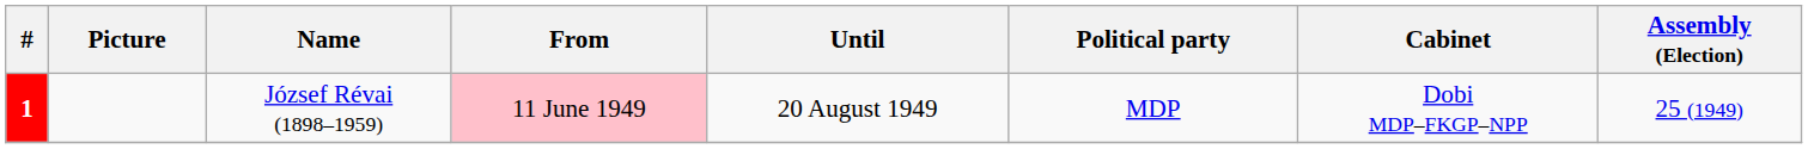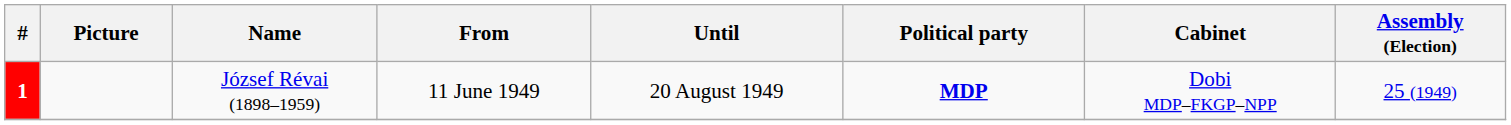 <table width=90% class="wikitable" style="text-align:center">
 <tr>
 <th>#</th>
 <th>Picture</th>
 <th>Name</th>
 <th>From</th>
 <th>Until</th>
 <th>Political party</th>
 <th>Cabinet</th>
 <th><a href='#'>Assembly</a><br><small>(Election)</small></th>
 </tr>
 <tr>
 <th style="background:Red; color:white">1</th>
 <td></td>
 <td><a href='#'>József Révai</a><br><small>(1898–1959)</small></td>
-<td style="background: pink;">11 June 1949</td>
+<td>11 June 1949</td>
 <td>20 August 1949</td>
-<td><a href='#'>MDP</a></td>
+<td><strong><a href='#'>MDP</a></strong></td>
 <td><a href='#'>Dobi</a><br><small><a href='#'>MDP</a>–<a href='#'>FKGP</a>–<a href='#'>NPP</a></small></td>
 <td><a href='#'>25 <small>(1949)</small></a></td>
 </tr>
 <tr>
 </tr>
 </table>
